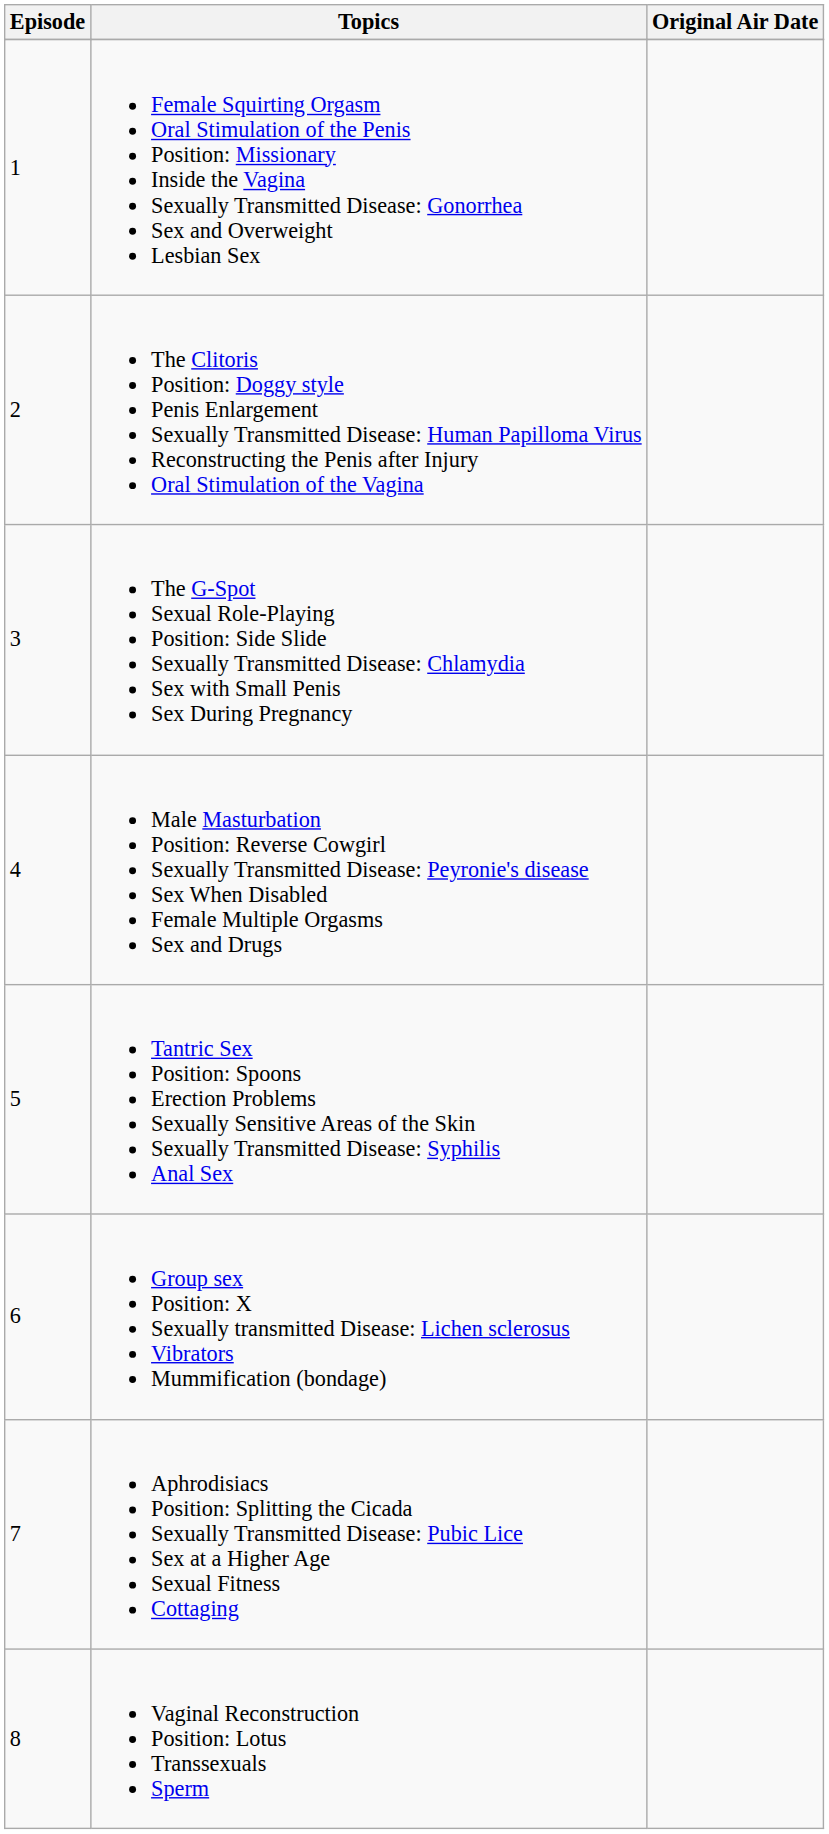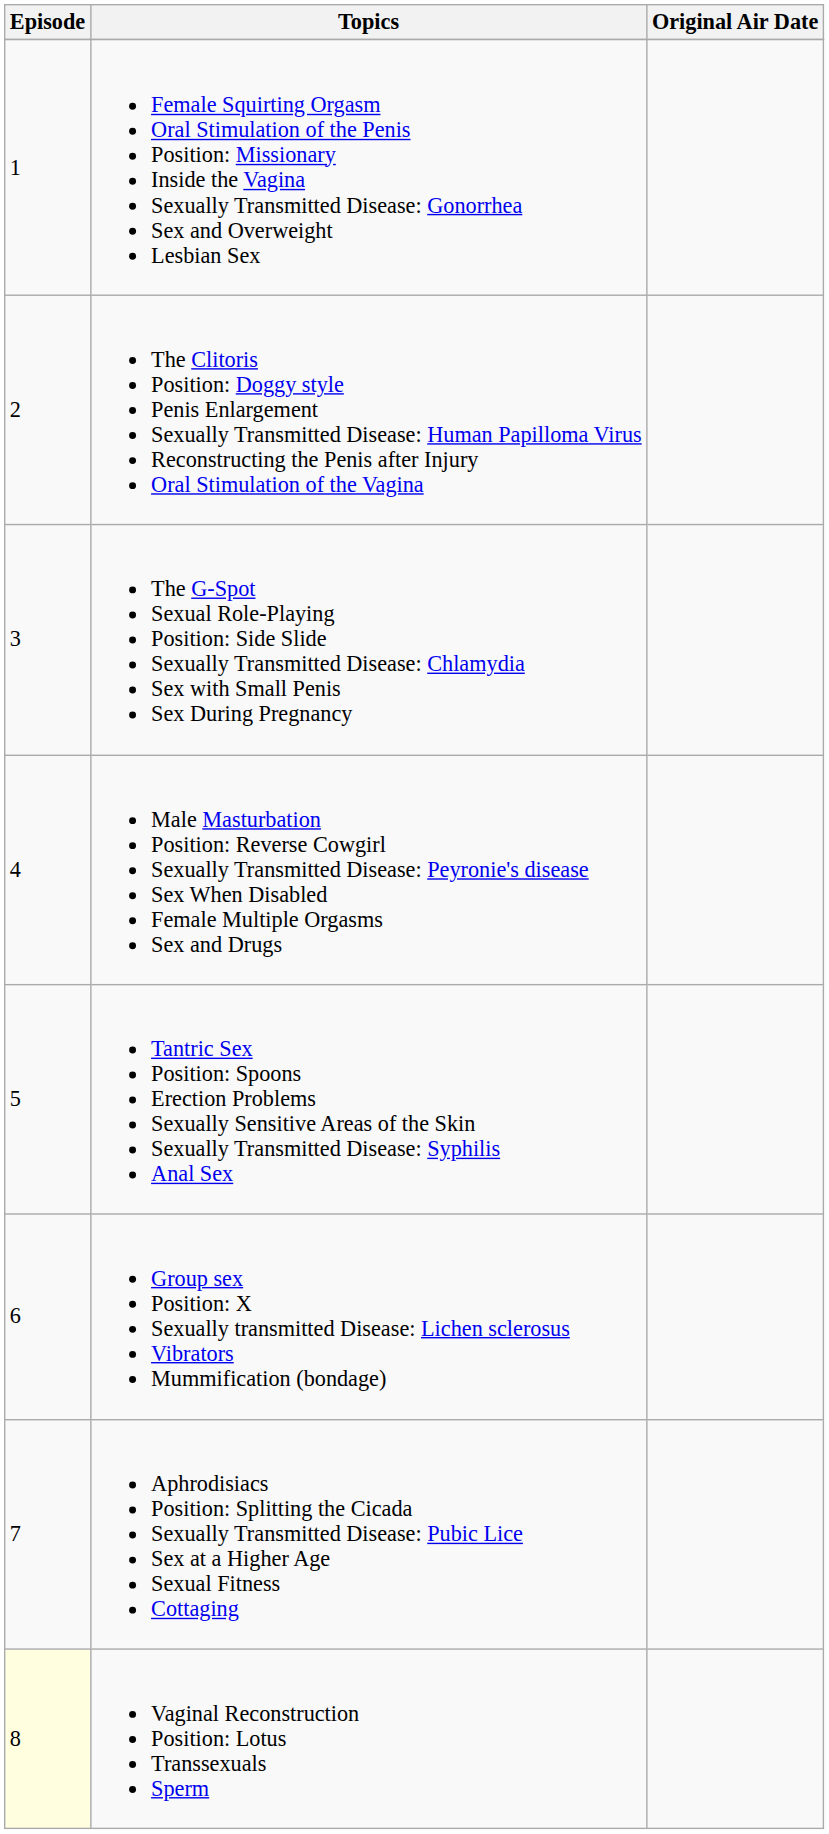 <table class="wikitable">
 <tr>
 <th>Episode</th>
 <th>Topics</th>
 <th>Original Air Date</th>
 </tr>
 <tr>
 </tr>
 <tr>
 <td>1</td>
 <td><br><ul><li><a href='#'>Female Squirting Orgasm</a></li><li><a href='#'>Oral Stimulation of the Penis</a></li><li>Position: <a href='#'>Missionary</a></li><li>Inside the <a href='#'>Vagina</a></li><li>Sexually Transmitted Disease: <a href='#'>Gonorrhea</a></li><li>Sex and Overweight</li><li>Lesbian Sex</li></ul></td>
 <td></td>
 </tr>
 <tr>
 <td>2</td>
 <td><br><ul><li>The <a href='#'>Clitoris</a></li><li>Position: <a href='#'>Doggy style</a></li><li>Penis Enlargement</li><li>Sexually Transmitted Disease: <a href='#'>Human Papilloma Virus</a></li><li>Reconstructing the Penis after Injury</li><li><a href='#'>Oral Stimulation of the Vagina</a></li></ul></td>
 <td></td>
 </tr>
 <tr>
 <td>3</td>
 <td><br><ul><li>The <a href='#'>G-Spot</a></li><li>Sexual Role-Playing</li><li>Position: Side Slide</li><li>Sexually Transmitted Disease: <a href='#'>Chlamydia</a></li><li>Sex with Small Penis</li><li>Sex During Pregnancy</li></ul></td>
 <td></td>
 </tr>
 <tr>
 <td>4</td>
 <td><br><ul><li>Male <a href='#'>Masturbation</a></li><li>Position: Reverse Cowgirl</li><li>Sexually Transmitted Disease: <a href='#'>Peyronie's disease</a></li><li>Sex When Disabled</li><li>Female Multiple Orgasms</li><li>Sex and Drugs</li></ul></td>
 <td></td>
 </tr>
 <tr>
 <td>5</td>
 <td><br><ul><li><a href='#'>Tantric Sex</a></li><li>Position: Spoons</li><li>Erection Problems</li><li>Sexually Sensitive Areas of the Skin</li><li>Sexually Transmitted Disease: <a href='#'>Syphilis</a></li><li><a href='#'>Anal Sex</a></li></ul></td>
 <td></td>
 </tr>
 <tr>
 <td>6</td>
 <td><br><ul><li><a href='#'>Group sex</a></li><li>Position: X</li><li>Sexually transmitted Disease: <a href='#'>Lichen sclerosus</a></li><li><a href='#'>Vibrators</a></li><li>Mummification (bondage)</li></ul></td>
 <td></td>
 </tr>
 <tr>
 <td>7</td>
 <td><br><ul><li>Aphrodisiacs</li><li>Position: Splitting the Cicada</li><li>Sexually Transmitted Disease: <a href='#'>Pubic Lice</a></li><li>Sex at a Higher Age</li><li>Sexual Fitness</li><li><a href='#'>Cottaging</a></li></ul></td>
 <td></td>
 </tr>
 <tr>
-<td>8</td>
+<td style="background: lightyellow;">8</td>
 <td><br><ul><li>Vaginal Reconstruction</li><li>Position: Lotus</li><li>Transsexuals</li><li><a href='#'>Sperm</a></li></ul></td>
 <td></td>
 </tr>
 </table>
